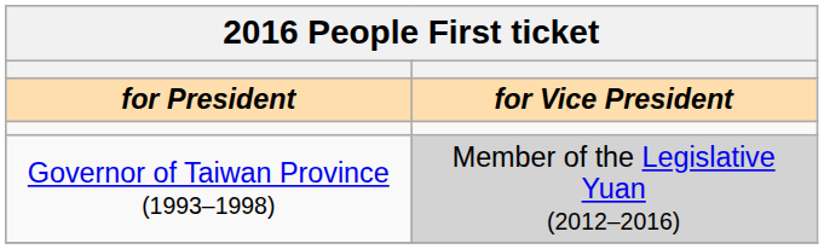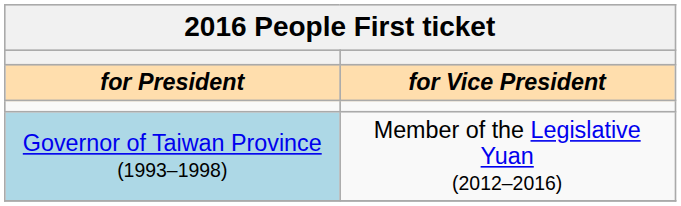 <table class="wikitable" style="font-size:90%; text-align:center;">
 <tr>
 <td colspan="28" style="background:#f1f1f1;"><big><strong>2016 People First ticket</strong></big></td>
 </tr>
 <tr>
 <th style="width:3em; font-size:135%; background:"></th>
 <th style="width:3em; font-size:135%; background:"></th>
 </tr>
 <tr style="color:#000; font-size:100%; background: NavajoWhite;">
 <td style="width:3em; width:200px;"><strong><em>for President</em></strong></td>
 <td style="width:3em; width:200px;"><strong><em>for Vice President</em></strong></td>
 </tr>
 <tr>
 <td></td>
 <td></td>
 </tr>
 <tr>
-<td><a href='#'>Governor of Taiwan Province</a><br><small>(1993–1998)</small></td>
-<td style="background: lightgrey;">Member of the <a href='#'>Legislative Yuan</a><br><small>(2012–2016)</small></td>
+<td style="background: lightblue;"><a href='#'>Governor of Taiwan Province</a><br><small>(1993–1998)</small></td>
+<td>Member of the <a href='#'>Legislative Yuan</a><br><small>(2012–2016)</small></td>
 </tr>
 <tr>
 </tr>
 </table>
